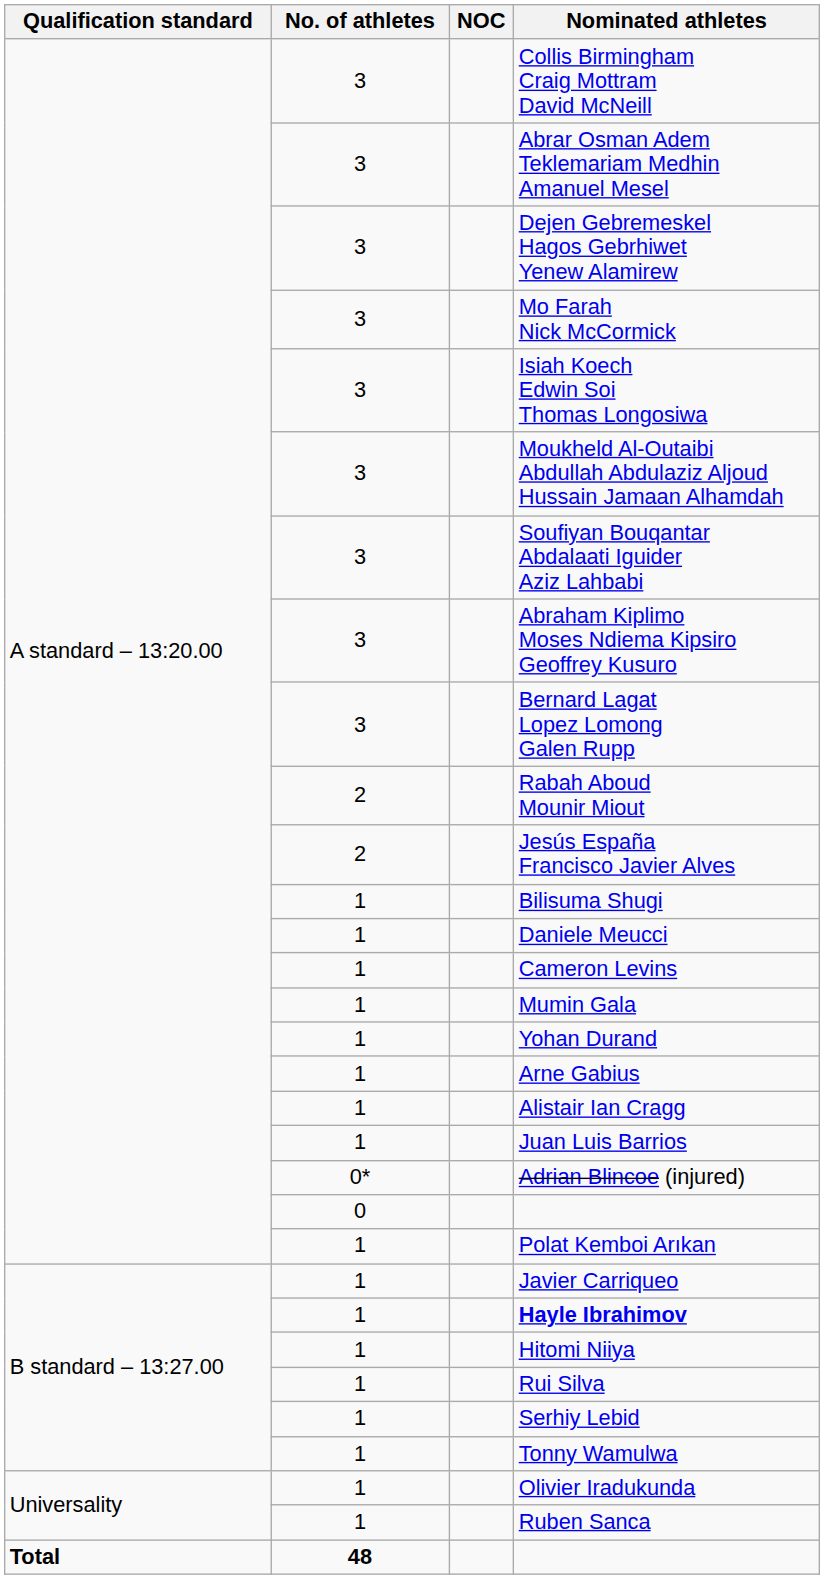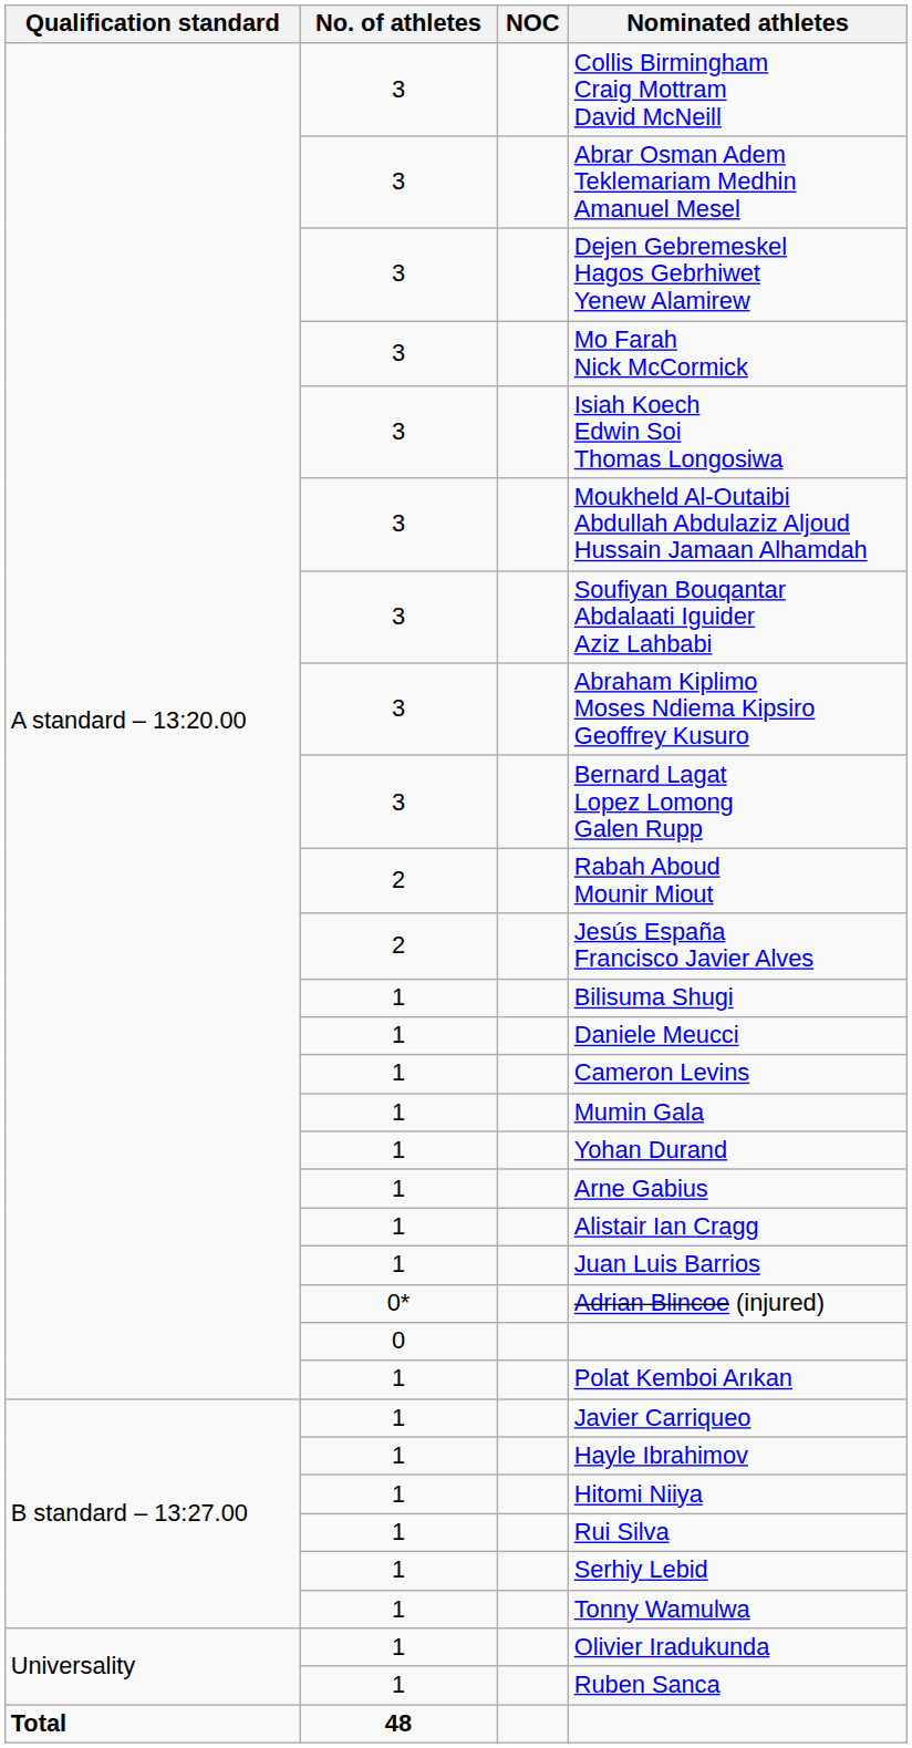 <table class="wikitable"  style="text-align:left; width:600px;">
 <tr>
 <th>Qualification standard</th>
 <th>No. of athletes</th>
 <th>NOC</th>
 <th>Nominated athletes</th>
 </tr>
 <tr>
 <td rowspan="22">A standard – 13:20.00</td>
 <td align=center>3</td>
 <td></td>
 <td><a href='#'>Collis Birmingham</a><br><a href='#'>Craig Mottram</a><br><a href='#'>David McNeill</a></td>
 </tr>
 <tr>
 <td align=center>3</td>
 <td></td>
 <td><a href='#'>Abrar Osman Adem</a><br><a href='#'>Teklemariam Medhin</a><br><a href='#'>Amanuel Mesel</a></td>
 </tr>
 <tr>
 <td align=center>3</td>
 <td></td>
 <td><a href='#'>Dejen Gebremeskel</a><br><a href='#'>Hagos Gebrhiwet</a><br><a href='#'>Yenew Alamirew</a></td>
 </tr>
 <tr>
 <td align=center>3</td>
 <td></td>
 <td><a href='#'>Mo Farah</a><br><a href='#'>Nick McCormick</a></td>
 </tr>
 <tr>
 <td align=center>3</td>
 <td></td>
 <td><a href='#'>Isiah Koech</a> <br> <a href='#'>Edwin Soi</a> <br> <a href='#'>Thomas Longosiwa</a></td>
 </tr>
 <tr>
 <td align=center>3</td>
 <td></td>
 <td><a href='#'>Moukheld Al-Outaibi</a><br><a href='#'>Abdullah Abdulaziz Aljoud</a><br><a href='#'>Hussain Jamaan Alhamdah</a></td>
 </tr>
 <tr>
 <td align=center>3</td>
 <td></td>
 <td><a href='#'>Soufiyan Bouqantar</a><br><a href='#'>Abdalaati Iguider</a><br><a href='#'>Aziz Lahbabi</a></td>
 </tr>
 <tr>
 <td align=center>3</td>
 <td></td>
 <td><a href='#'>Abraham Kiplimo</a><br><a href='#'>Moses Ndiema Kipsiro</a><br><a href='#'>Geoffrey Kusuro</a></td>
 </tr>
 <tr>
 <td align=center>3</td>
 <td></td>
 <td><a href='#'>Bernard Lagat</a><br><a href='#'>Lopez Lomong</a><br><a href='#'>Galen Rupp</a></td>
 </tr>
 <tr>
 <td align=center>2</td>
 <td></td>
 <td><a href='#'>Rabah Aboud</a><br><a href='#'>Mounir Miout</a></td>
 </tr>
 <tr>
 <td align=center>2</td>
 <td></td>
 <td><a href='#'>Jesús España</a><br><a href='#'>Francisco Javier Alves</a></td>
 </tr>
 <tr>
 <td align=center>1</td>
 <td></td>
 <td><a href='#'>Bilisuma Shugi</a></td>
 </tr>
 <tr>
 <td align=center>1</td>
 <td></td>
 <td><a href='#'>Daniele Meucci</a></td>
 </tr>
 <tr>
 <td align=center>1</td>
 <td></td>
 <td><a href='#'>Cameron Levins</a></td>
 </tr>
 <tr>
 <td align=center>1</td>
 <td></td>
 <td><a href='#'>Mumin Gala</a></td>
 </tr>
 <tr>
 <td align=center>1</td>
 <td></td>
 <td><a href='#'>Yohan Durand</a></td>
 </tr>
 <tr>
 <td align=center>1</td>
 <td></td>
 <td><a href='#'>Arne Gabius</a></td>
 </tr>
 <tr>
 <td align=center>1</td>
 <td></td>
 <td><a href='#'>Alistair Ian Cragg</a></td>
 </tr>
 <tr>
 <td align=center>1</td>
 <td></td>
 <td><a href='#'>Juan Luis Barrios</a></td>
 </tr>
 <tr>
 <td align=center>0*</td>
 <td></td>
 <td><s><a href='#'>Adrian Blincoe</a></s> (injured)</td>
 </tr>
 <tr>
 <td align=center>0</td>
 <td></td>
 </tr>
 <tr>
 <td align=center>1</td>
 <td></td>
 <td><a href='#'>Polat Kemboi Arıkan</a></td>
 </tr>
 <tr>
 <td rowspan="6">B standard – 13:27.00</td>
 <td align=center>1</td>
 <td></td>
 <td><a href='#'>Javier Carriqueo</a></td>
 </tr>
 <tr>
 <td align=center>1</td>
 <td></td>
-<td><strong><a href='#'>Hayle Ibrahimov</a></strong></td>
+<td><a href='#'>Hayle Ibrahimov</a></td>
 </tr>
 <tr>
 <td align=center>1</td>
 <td></td>
 <td><a href='#'>Hitomi Niiya</a></td>
 </tr>
 <tr>
 <td align=center>1</td>
 <td></td>
 <td><a href='#'>Rui Silva</a></td>
 </tr>
 <tr>
 <td align=center>1</td>
 <td></td>
 <td><a href='#'>Serhiy Lebid</a></td>
 </tr>
 <tr>
 <td align=center>1</td>
 <td></td>
 <td><a href='#'>Tonny Wamulwa</a></td>
 </tr>
 <tr>
 <td rowspan="2">Universality</td>
 <td align=center>1</td>
 <td></td>
 <td><a href='#'>Olivier Iradukunda</a></td>
 </tr>
 <tr>
 <td align=center>1</td>
 <td></td>
 <td><a href='#'>Ruben Sanca</a></td>
 </tr>
 <tr>
 <td><strong>Total</strong></td>
 <td align=center><strong>48</strong></td>
 <td></td>
 <td></td>
 </tr>
 </table>
